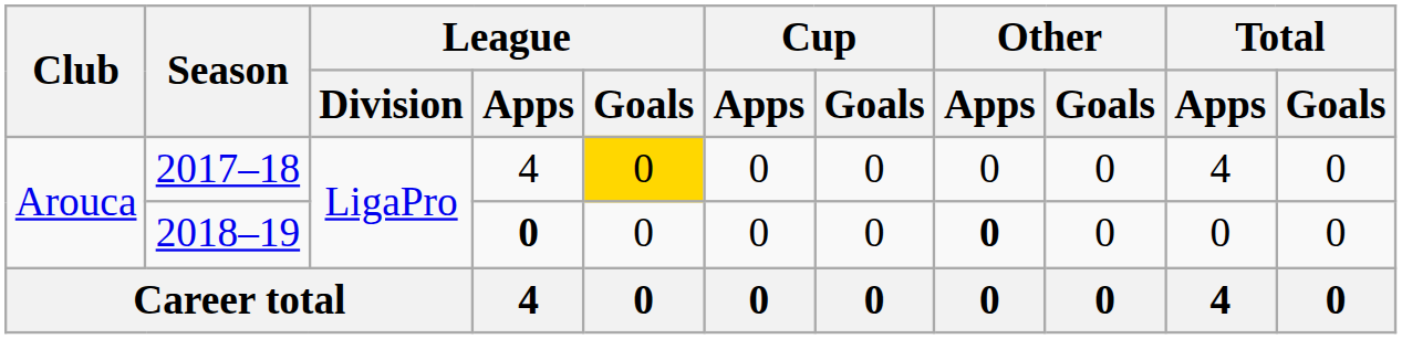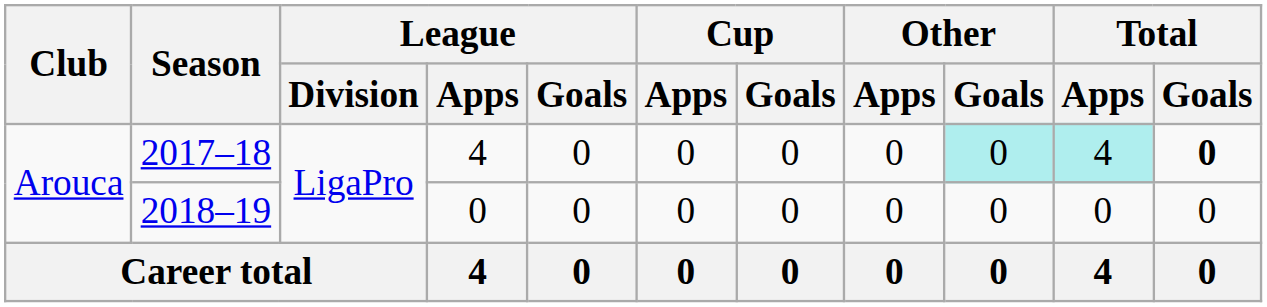 <table class="wikitable" style="text-align: center">
 <tr>
 <th rowspan="2">Club</th>
 <th rowspan="2">Season</th>
 <th colspan="3">League</th>
 <th colspan="2">Cup</th>
 <th colspan="2">Other</th>
 <th colspan="2">Total</th>
 </tr>
 <tr>
 <th>Division</th>
 <th>Apps</th>
 <th>Goals</th>
 <th>Apps</th>
 <th>Goals</th>
 <th>Apps</th>
 <th>Goals</th>
 <th>Apps</th>
 <th>Goals</th>
 </tr>
 <tr>
 <td rowspan="2"><a href='#'>Arouca</a></td>
 <td><a href='#'>2017–18</a></td>
 <td rowspan="2"><a href='#'>LigaPro</a></td>
 <td>4</td>
-<td style="background: gold;">0</td>
 <td>0</td>
 <td>0</td>
 <td>0</td>
 <td>0</td>
-<td>4</td>
-<td>0</td>
+<td style="background: paleturquoise;">0</td>
+<td style="background: paleturquoise;">4</td>
+<td><strong>0</strong></td>
 </tr>
 <tr>
 <td><a href='#'>2018–19</a></td>
-<td><strong>0</strong></td>
 <td>0</td>
 <td>0</td>
 <td>0</td>
-<td><strong>0</strong></td>
+<td>0</td>
+<td>0</td>
 <td>0</td>
 <td>0</td>
 <td>0</td>
 </tr>
 <tr>
 <th colspan=3>Career total</th>
 <th>4</th>
 <th>0</th>
 <th>0</th>
 <th>0</th>
 <th>0</th>
 <th>0</th>
 <th>4</th>
 <th>0</th>
 </tr>
 </table>
